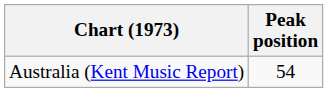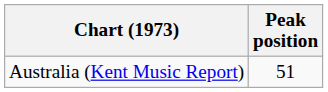 <table class="wikitable">
 <tr>
 <th scope="col">Chart (1973)</th>
 <th>Peak<br>position</th>
 </tr>
 <tr>
 <td>Australia (<a href='#'>Kent Music Report</a>)</td>
-<td style="text-align:center;">54</td>
+<td style="text-align:center;">51</td>
 </tr>
 </table>
